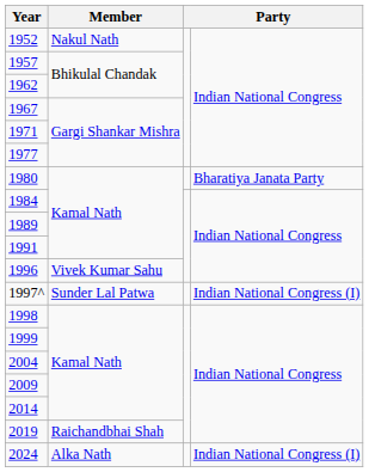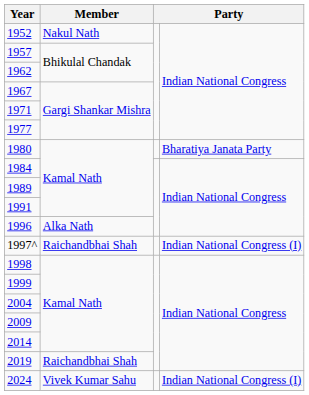 <table class="wikitable sortable">
 <tr>
 <th>Year</th>
 <th>Member</th>
 <th colspan="2">Party</th>
 </tr>
 <tr>
 <td><a href='#'>1952</a></td>
 <td><a href='#'>Nakul Nath</a></td>
 <td rowspan="6" style="background-color: "></td>
 <td rowspan="6"><a href='#'>Indian National Congress</a></td>
 </tr>
 <tr>
 <td><a href='#'>1957</a></td>
 <td rowspan="2">Bhikulal Chandak</td>
 </tr>
 <tr>
 <td><a href='#'>1962</a></td>
 </tr>
 <tr>
 <td><a href='#'>1967</a></td>
 <td rowspan="3"><a href='#'>Gargi Shankar Mishra</a></td>
 </tr>
 <tr>
 <td><a href='#'>1971</a></td>
 </tr>
 <tr>
 <td><a href='#'>1977</a></td>
 </tr>
 <tr>
 <td><a href='#'>1980</a></td>
 <td rowspan="4"><a href='#'>Kamal Nath</a></td>
 <td style="background-color: "></td>
 <td><a href='#'>Bharatiya Janata Party</a></td>
 </tr>
 <tr>
 <td><a href='#'>1984</a></td>
 <td rowspan="4" style="background-color: "></td>
 <td rowspan="4"><a href='#'>Indian National Congress</a></td>
 </tr>
 <tr>
 <td><a href='#'>1989</a></td>
 </tr>
 <tr>
 <td><a href='#'>1991</a></td>
 </tr>
 <tr>
 <td><a href='#'>1996</a></td>
-<td><a href='#'>Vivek Kumar Sahu</a></td>
+<td><a href='#'>Alka Nath</a></td>
 </tr>
 <tr>
 <td>1997^</td>
-<td><a href='#'>Sunder Lal Patwa</a></td>
+<td><a href='#'>Raichandbhai Shah</a></td>
 <td style="background-color: "></td>
 <td><a href='#'>Indian National Congress (I)</a></td>
 </tr>
 <tr>
 <td><a href='#'>1998</a></td>
 <td rowspan="5"><a href='#'>Kamal Nath</a></td>
 <td rowspan="6" style="background-color: "></td>
 <td rowspan="6"><a href='#'>Indian National Congress</a></td>
 </tr>
 <tr>
 <td><a href='#'>1999</a></td>
 </tr>
 <tr>
 <td><a href='#'>2004</a></td>
 </tr>
 <tr>
 <td><a href='#'>2009</a></td>
 </tr>
 <tr>
 <td><a href='#'>2014</a></td>
 </tr>
 <tr>
 <td><a href='#'>2019</a></td>
 <td><a href='#'>Raichandbhai Shah</a></td>
 </tr>
 <tr>
 <td><a href='#'>2024</a></td>
-<td><a href='#'>Alka Nath</a></td>
+<td><a href='#'>Vivek Kumar Sahu</a></td>
 <td style="background-color: "></td>
 <td><a href='#'>Indian National Congress (I)</a></td>
 </tr>
 </table>
